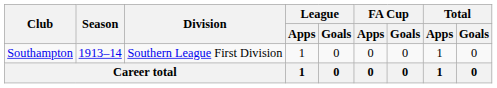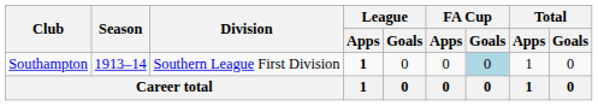 <table class="wikitable" style="text-align:center;">
 <tr>
 <th rowspan="2">Club</th>
 <th rowspan="2">Season</th>
 <th rowspan="2">Division</th>
 <th colspan="2">League</th>
 <th colspan="2">FA Cup</th>
 <th colspan="2">Total</th>
 </tr>
 <tr>
 <th>Apps</th>
 <th>Goals</th>
 <th>Apps</th>
 <th>Goals</th>
 <th>Apps</th>
 <th>Goals</th>
 </tr>
 <tr>
 <td><a href='#'>Southampton</a></td>
 <td><a href='#'>1913–14</a></td>
 <td><a href='#'>Southern League</a> First Division</td>
-<td>1</td>
+<td><strong>1</strong></td>
 <td>0</td>
 <td>0</td>
-<td>0</td>
+<td style="background: lightblue;">0</td>
 <td>1</td>
 <td>0</td>
 </tr>
 <tr>
 <th colspan="3">Career total</th>
 <th>1</th>
 <th>0</th>
 <th>0</th>
 <th>0</th>
 <th>1</th>
 <th>0</th>
 </tr>
 </table>
